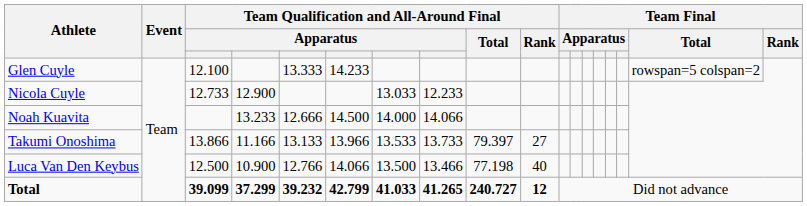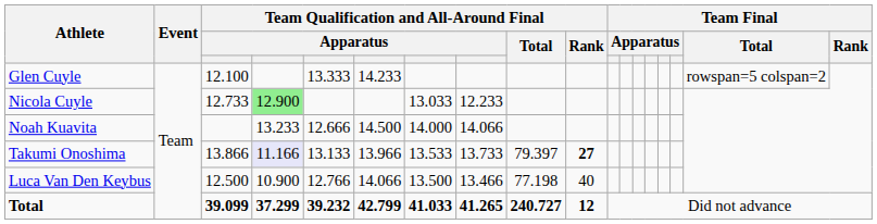 <table class="wikitable" style="font-size:90%">
 <tr>
 <th rowspan=3>Athlete</th>
 <th rowspan=3>Event</th>
 <th colspan =8>Team Qualification and All-Around Final</th>
 <th colspan =8>Team Final</th>
 </tr>
 <tr style="font-size:95%">
 <th colspan=6>Apparatus</th>
 <th rowspan=2>Total</th>
 <th rowspan=2>Rank</th>
 <th colspan=6>Apparatus</th>
 <th rowspan=2>Total</th>
 <th rowspan=2>Rank</th>
 </tr>
 <tr style="font-size:95%">
 <th></th>
 <th></th>
 <th></th>
 <th></th>
 <th></th>
 <th></th>
 <th></th>
 <th></th>
 <th></th>
 <th></th>
 <th></th>
 <th></th>
 </tr>
 <tr align=center>
 <td align=left><a href='#'>Glen Cuyle</a></td>
 <td align=left rowspan=6>Team</td>
 <td>12.100</td>
 <td></td>
 <td>13.333</td>
 <td>14.233</td>
 <td></td>
 <td></td>
 <td></td>
 <td></td>
 <td></td>
 <td></td>
 <td></td>
 <td></td>
 <td></td>
 <td></td>
 <td>rowspan=5 colspan=2</td>
 </tr>
 <tr align=center>
 <td align=left><a href='#'>Nicola Cuyle</a></td>
 <td>12.733</td>
-<td>12.900</td>
+<td style="background: lightgreen;">12.900</td>
 <td></td>
 <td></td>
 <td>13.033</td>
 <td>12.233</td>
 <td></td>
 <td></td>
 <td></td>
 <td></td>
 <td></td>
 <td></td>
 <td></td>
 <td></td>
 </tr>
 <tr align=center>
 <td align=left><a href='#'>Noah Kuavita</a></td>
 <td></td>
 <td>13.233</td>
 <td>12.666</td>
 <td>14.500</td>
 <td>14.000</td>
 <td>14.066</td>
 <td></td>
 <td></td>
 <td></td>
 <td></td>
 <td></td>
 <td></td>
 <td></td>
 <td></td>
 </tr>
 <tr align=center>
 <td align=left><a href='#'>Takumi Onoshima</a></td>
 <td>13.866</td>
-<td>11.166</td>
+<td style="background: lavender;">11.166</td>
 <td>13.133</td>
 <td>13.966</td>
 <td>13.533</td>
 <td>13.733</td>
 <td>79.397</td>
-<td>27</td>
+<td><strong>27</strong></td>
 <td></td>
 <td></td>
 <td></td>
 <td></td>
 <td></td>
 <td></td>
 </tr>
 <tr align=center>
 <td align=left><a href='#'>Luca Van Den Keybus</a></td>
 <td>12.500</td>
 <td>10.900</td>
 <td>12.766</td>
 <td>14.066</td>
 <td>13.500</td>
 <td>13.466</td>
 <td>77.198</td>
 <td>40</td>
 <td></td>
 <td></td>
 <td></td>
 <td></td>
 <td></td>
 <td></td>
 </tr>
 <tr align=center>
 <td align=left><strong>Total</strong></td>
 <td><strong>39.099</strong></td>
 <td><strong>37.299</strong></td>
 <td><strong>39.232</strong></td>
 <td><strong>42.799</strong></td>
 <td><strong>41.033</strong></td>
 <td><strong>41.265</strong></td>
 <td><strong>240.727</strong></td>
 <td><strong>12</strong></td>
 <td colspan=8>Did not advance</td>
 </tr>
 </table>
